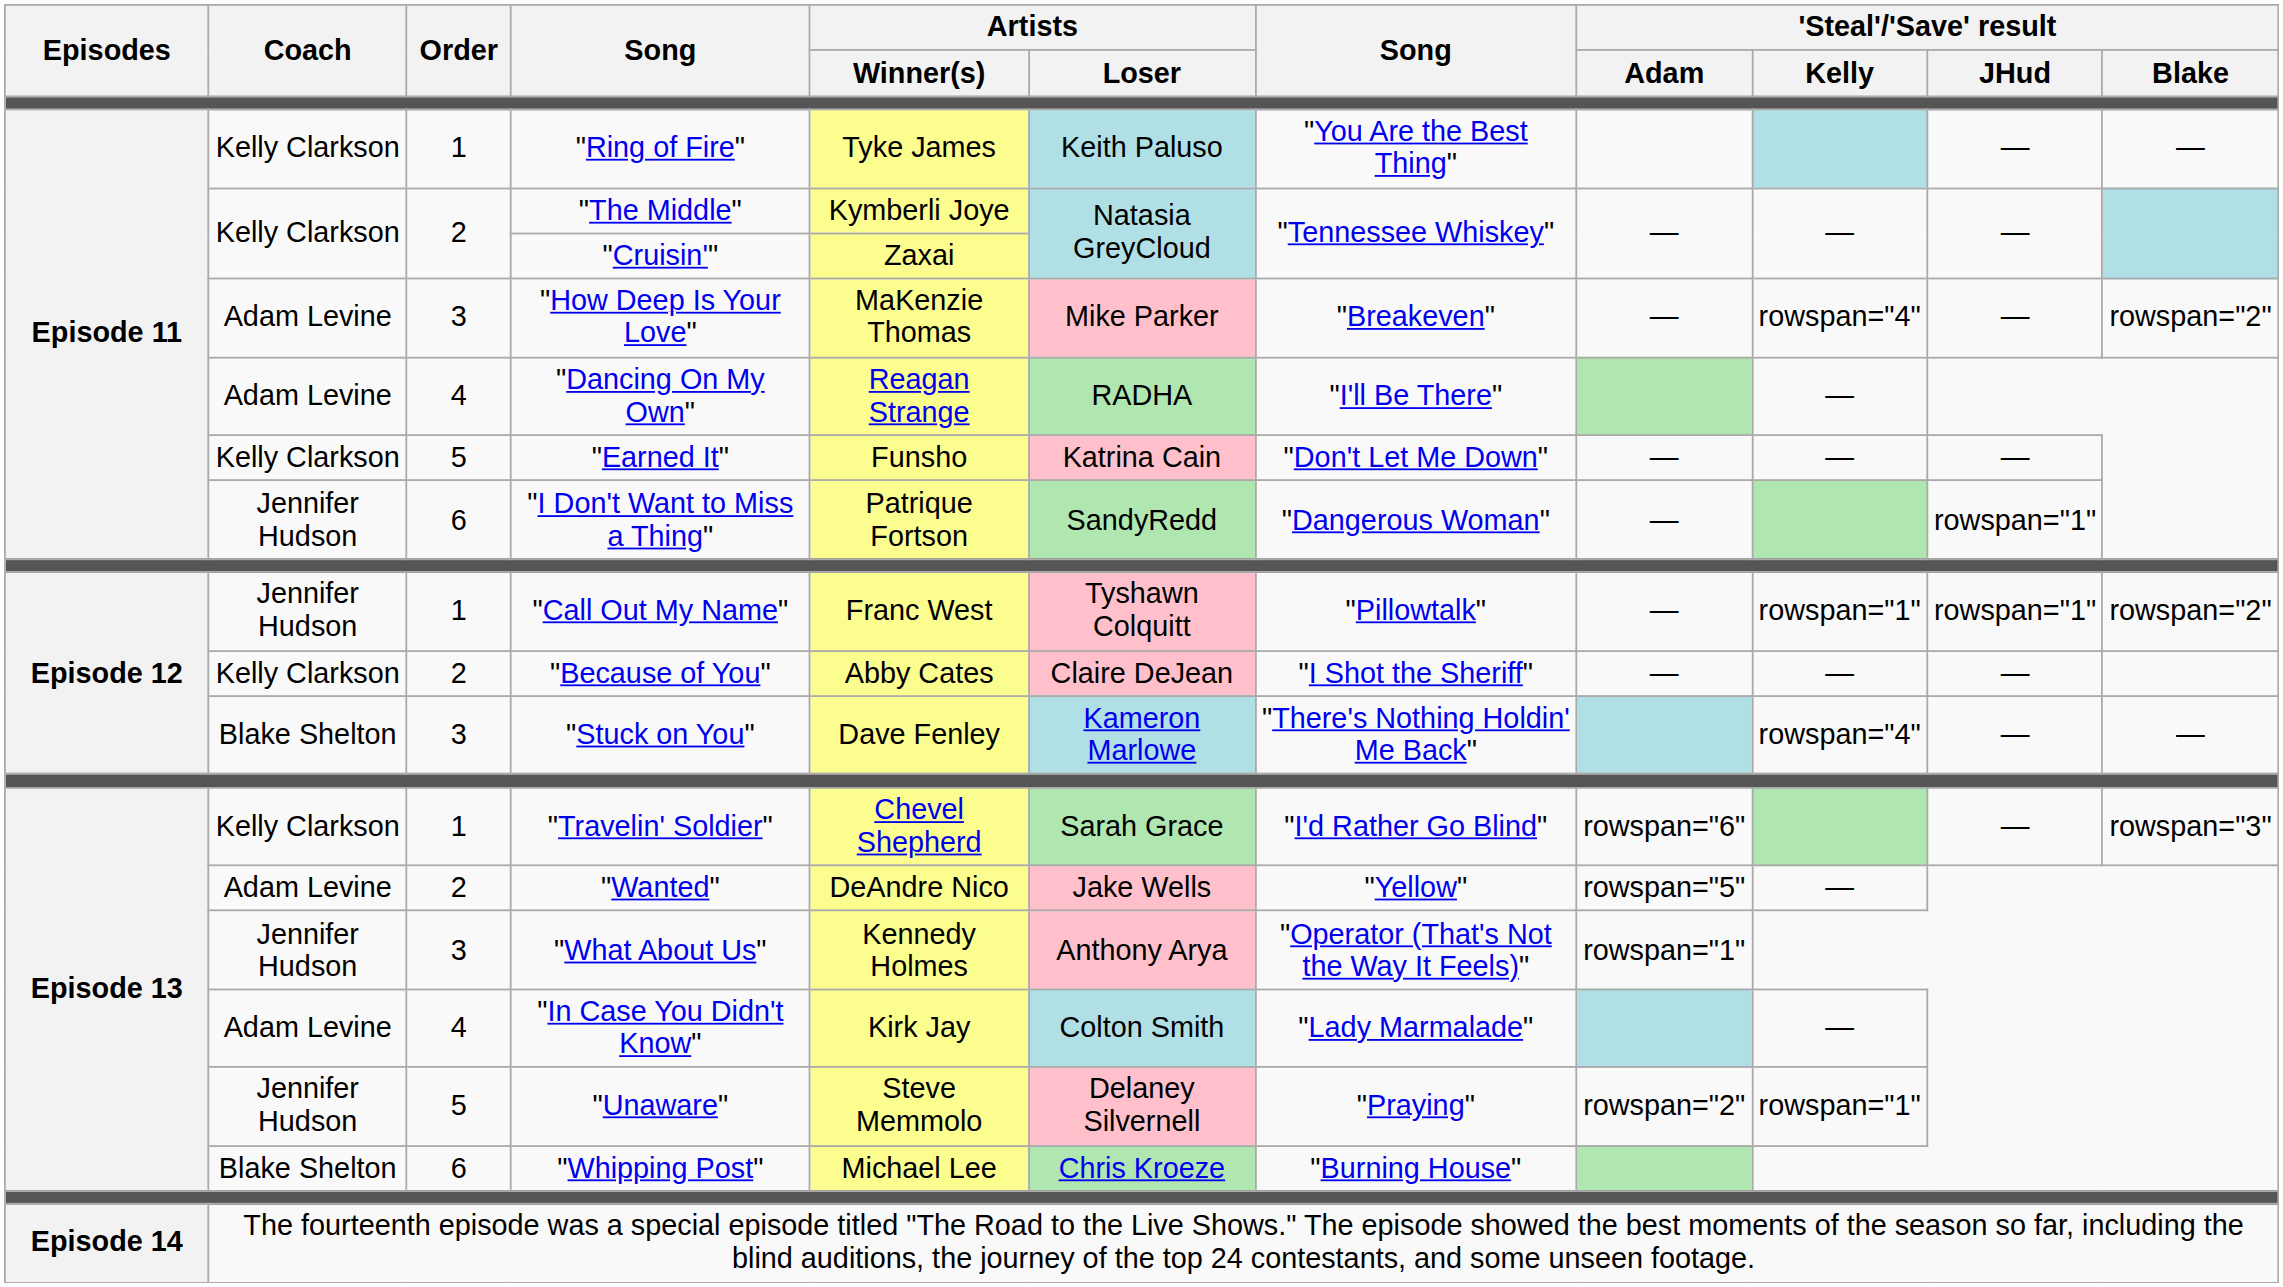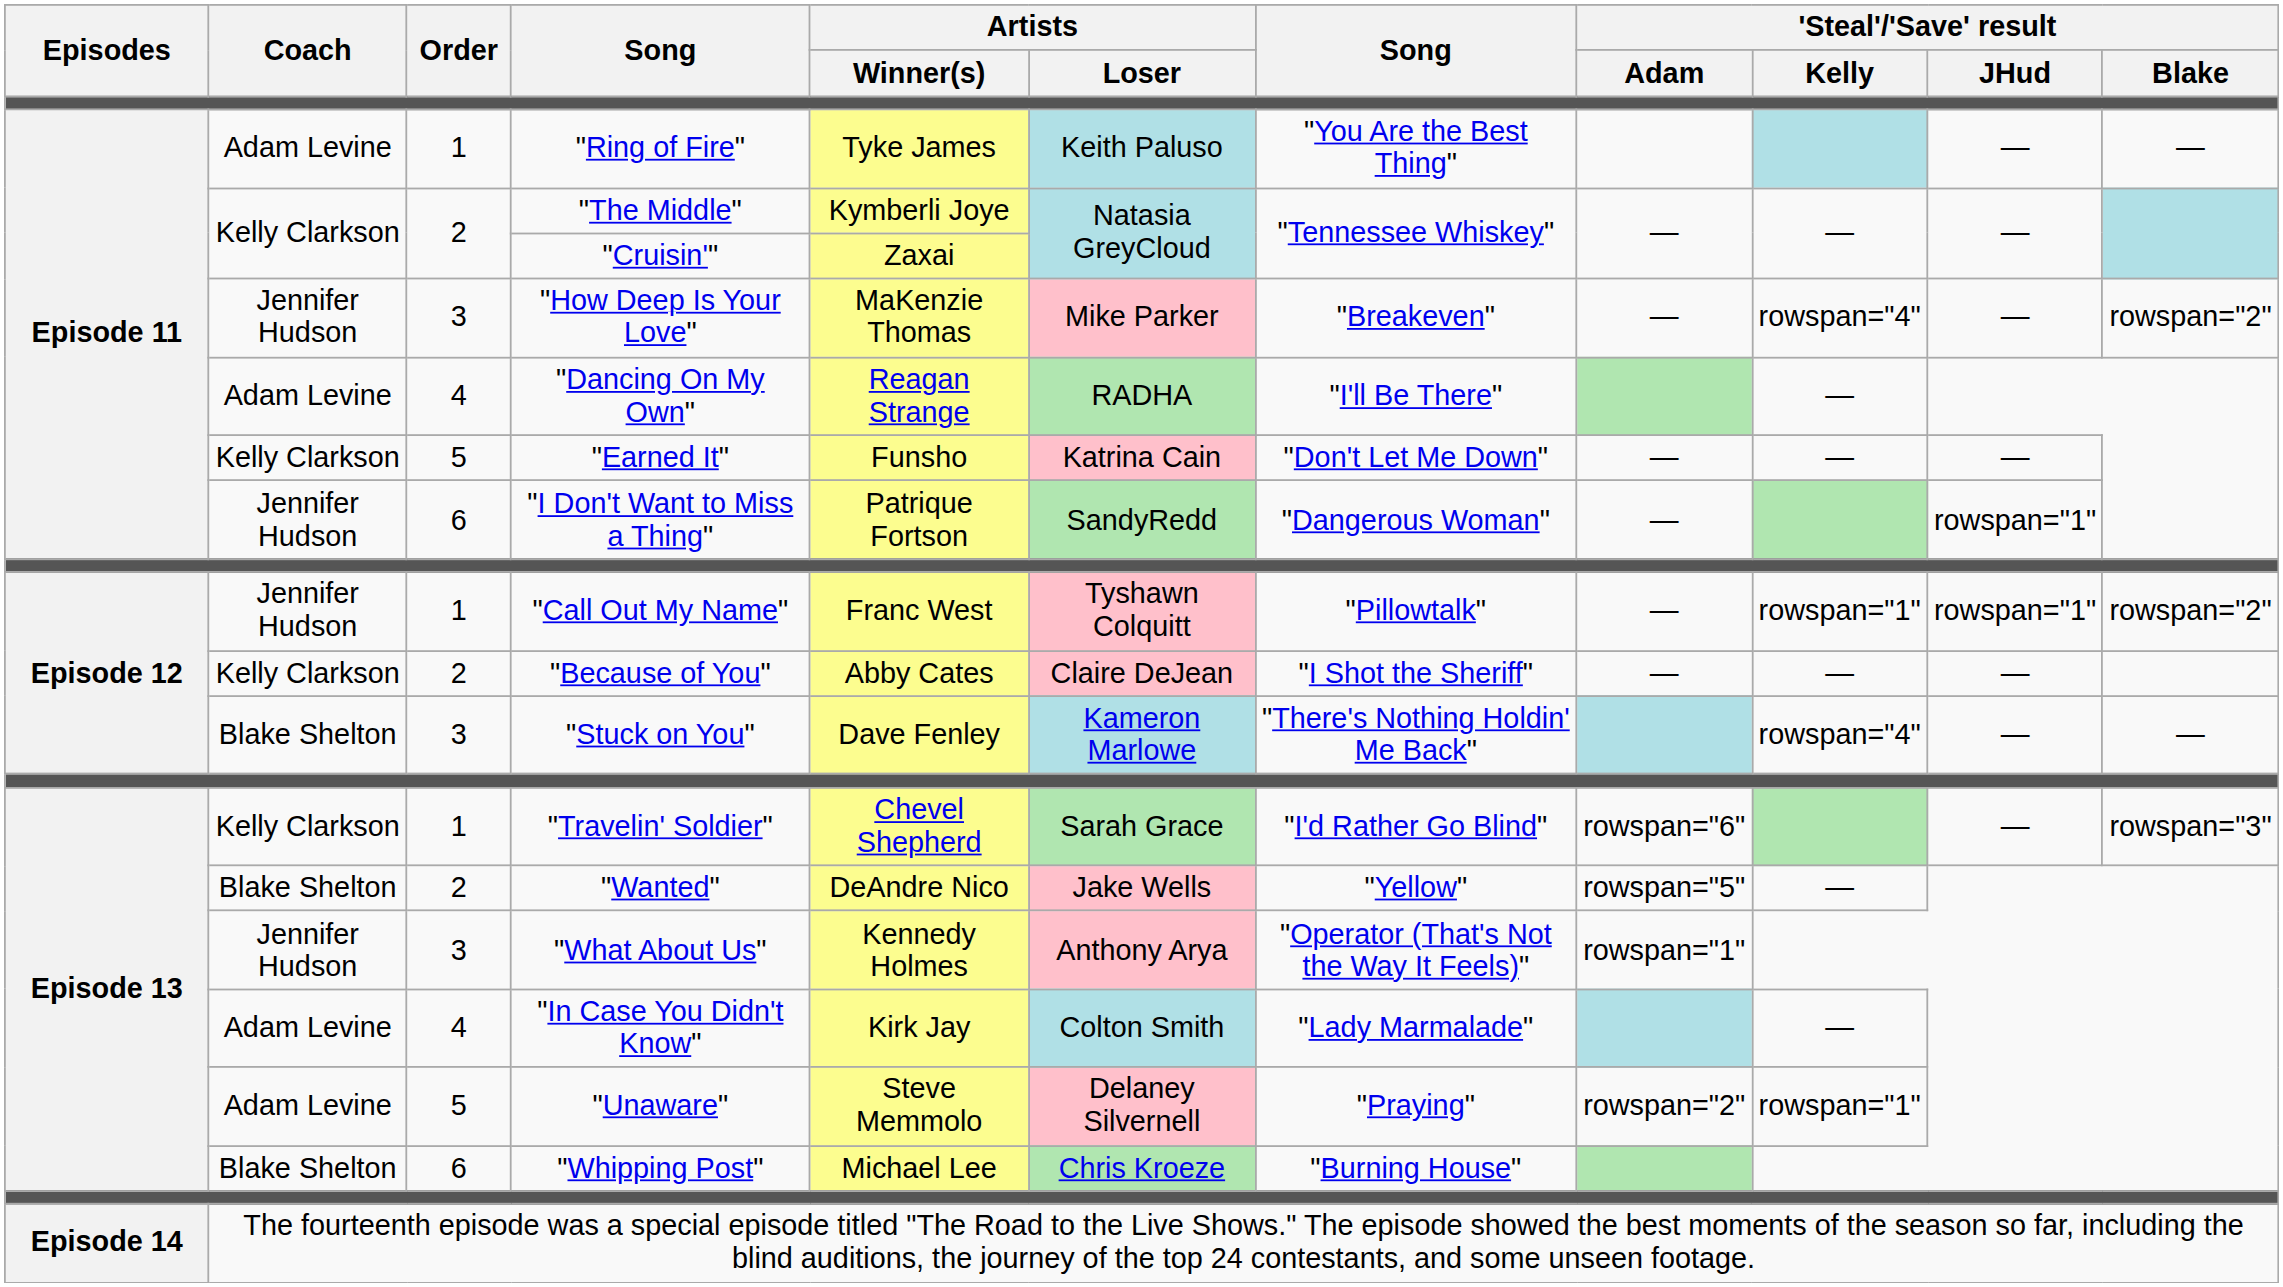 <table class="wikitable" style="text-align: center; width:100%;">
 <tr>
 <th rowspan="2" style="width:11%;">Episodes</th>
 <th rowspan="2" style="width:11%;">Coach</th>
 <th rowspan="2" style="width:05%;">Order</th>
 <th rowspan="2" style="width:18%;">Song</th>
 <th colspan="2" style="width:22%;">Artists</th>
 <th rowspan="2" style="width:19%;">Song</th>
 <th colspan="4" style="width:12%;">'Steal'/'Save' result</th>
 </tr>
 <tr>
 <th style="width:12%;">Winner(s)</th>
 <th style="width:12%;">Loser</th>
 <th style="width:03%;">Adam</th>
 <th style="width:03%;">Kelly</th>
 <th style="width:03%;">JHud</th>
 <th style="width:03%;">Blake</th>
 </tr>
 <tr>
 <td colspan="11" style="background:#555;"></td>
 </tr>
 <tr>
 <th rowspan="7">Episode 11 <br><small></small></th>
-<td>Kelly Clarkson</td>
+<td>Adam Levine</td>
 <td>1</td>
 <td>"<a href='#'>Ring of Fire</a>"</td>
 <td style="background:#FCFD8F;">Tyke James</td>
 <td style="background:#b0e0e6;">Keith Paluso</td>
 <td>"<a href='#'>You Are the Best Thing</a>"</td>
 <td><strong></strong></td>
 <td bgcolor=#b0e0e6><strong></strong></td>
 <td>—</td>
 <td>—</td>
 </tr>
 <tr>
 <td rowspan="2">Kelly Clarkson</td>
 <td rowspan="2">2</td>
 <td>"<a href='#'>The Middle</a>"</td>
 <td style="background:#FCFD8F;">Kymberli Joye</td>
 <td rowspan="2" style="background:#b0e0e6;">Natasia GreyCloud</td>
 <td rowspan="2">"<a href='#'>Tennessee Whiskey</a>"</td>
 <td rowspan="2">—</td>
 <td rowspan="2">—</td>
 <td rowspan="2">—</td>
 <td rowspan="2" bgcolor=#b0e0e6><strong></strong></td>
 </tr>
 <tr>
 <td>"<a href='#'>Cruisin'</a>"</td>
 <td style="background:#fdfc8f;">Zaxai</td>
 </tr>
 <tr>
-<td>Adam Levine</td>
+<td>Jennifer Hudson</td>
 <td>3</td>
 <td>"<a href='#'>How Deep Is Your Love</a>"</td>
 <td style="background:#FCFD8F;">MaKenzie Thomas</td>
 <td style="background:pink;">Mike Parker</td>
 <td>"<a href='#'>Breakeven</a>"</td>
 <td>—</td>
 <td>rowspan="4" </td>
 <td>—</td>
 <td>rowspan="2" </td>
 </tr>
 <tr>
 <td>Adam Levine</td>
 <td>4</td>
 <td>"<a href='#'>Dancing On My Own</a>"</td>
 <td style="background:#FCFD8F;"><a href='#'>Reagan Strange</a></td>
 <td style="background:#b0e6b0;">RADHA</td>
 <td>"<a href='#'>I'll Be There</a>"</td>
 <td style="background:#b0e6b0;"><strong></strong></td>
 <td>—</td>
 </tr>
 <tr>
 <td>Kelly Clarkson</td>
 <td>5</td>
 <td>"<a href='#'>Earned It</a>"</td>
 <td style="background:#FCFD8F;">Funsho</td>
 <td style="background:pink;">Katrina Cain</td>
 <td>"<a href='#'>Don't Let Me Down</a>"</td>
 <td>—</td>
 <td>—</td>
 <td>—</td>
 </tr>
 <tr>
 <td>Jennifer Hudson</td>
 <td>6</td>
 <td>"<a href='#'>I Don't Want to Miss a Thing</a>"</td>
 <td style="background:#FCFD8F;">Patrique Fortson</td>
 <td style="background:#b0e6b0;">SandyRedd</td>
 <td>"<a href='#'>Dangerous Woman</a>"</td>
 <td>—</td>
 <td style="background:#b0e6b0;"><strong></strong></td>
 <td>rowspan="1" </td>
 </tr>
 <tr>
 <td colspan="11" style="background:#555;"></td>
 </tr>
 <tr>
 <th rowspan="3">Episode 12 <br><small></small></th>
 <td>Jennifer Hudson</td>
 <td>1</td>
 <td>"<a href='#'>Call Out My Name</a>"</td>
 <td style="background:#FCFD8F;">Franc West</td>
 <td style="background:pink;">Tyshawn Colquitt</td>
 <td>"<a href='#'>Pillowtalk</a>"</td>
 <td>—</td>
 <td>rowspan="1" </td>
 <td>rowspan="1" </td>
 <td>rowspan="2" </td>
 </tr>
 <tr>
 <td>Kelly Clarkson</td>
 <td>2</td>
 <td>"<a href='#'>Because of You</a>"</td>
 <td style="background:#FCFD8F;">Abby Cates</td>
 <td style="background:pink;">Claire DeJean</td>
 <td>"<a href='#'>I Shot the Sheriff</a>"</td>
 <td>—</td>
 <td>—</td>
 <td>—</td>
 </tr>
 <tr>
 <td>Blake Shelton</td>
 <td>3</td>
 <td>"<a href='#'>Stuck on You</a>"</td>
 <td style="background:#FCFD8F;">Dave Fenley</td>
 <td style="background:#b0e0e6;"><a href='#'>Kameron Marlowe</a></td>
 <td>"<a href='#'>There's Nothing Holdin' Me Back</a>"</td>
 <td bgcolor=#b0e0e6><strong></strong></td>
 <td>rowspan="4" </td>
 <td>—</td>
 <td>—</td>
 </tr>
 <tr>
 <td colspan="11" style="background:#555;"></td>
 </tr>
 <tr>
 <th rowspan="6">Episode 13 <br><small></small></th>
 <td>Kelly Clarkson</td>
 <td>1</td>
 <td>"<a href='#'>Travelin' Soldier</a>"</td>
 <td style="background:#FCFD8F;"><a href='#'>Chevel Shepherd</a></td>
 <td style="background:#b0e6b0;">Sarah Grace</td>
 <td>"<a href='#'>I'd Rather Go Blind</a>"</td>
 <td>rowspan="6" </td>
 <td style="background:#b0e6b0;"><strong></strong></td>
 <td>—</td>
 <td>rowspan="3" </td>
 </tr>
 <tr>
-<td>Adam Levine</td>
+<td>Blake Shelton</td>
 <td>2</td>
 <td>"<a href='#'>Wanted</a>"</td>
 <td style="background:#FCFD8F;">DeAndre Nico</td>
 <td style="background:pink;">Jake Wells</td>
 <td>"<a href='#'>Yellow</a>"</td>
 <td>rowspan="5" </td>
 <td>—</td>
 </tr>
 <tr>
 <td>Jennifer Hudson</td>
 <td>3</td>
 <td>"<a href='#'>What About Us</a>"</td>
 <td style="background:#FCFD8F;">Kennedy Holmes</td>
 <td style="background:pink;">Anthony Arya</td>
 <td>"<a href='#'>Operator (That's Not the Way It Feels)</a>"</td>
 <td>rowspan="1" </td>
 </tr>
 <tr>
 <td>Adam Levine</td>
 <td>4</td>
 <td>"<a href='#'>In Case You Didn't Know</a>"</td>
 <td style="background:#FCFD8F;">Kirk Jay</td>
 <td style="background:#b0e0e6;">Colton Smith</td>
 <td>"<a href='#'>Lady Marmalade</a>"</td>
 <td bgcolor=#b0e0e6><strong></strong></td>
 <td>—</td>
 </tr>
 <tr>
-<td>Jennifer Hudson</td>
+<td>Adam Levine</td>
 <td>5</td>
 <td>"<a href='#'>Unaware</a>"</td>
 <td style="background:#FCFD8F;">Steve Memmolo</td>
 <td style="background:pink;">Delaney Silvernell</td>
 <td>"<a href='#'>Praying</a>"</td>
 <td>rowspan="2" </td>
 <td>rowspan="1" </td>
 </tr>
 <tr>
 <td>Blake Shelton</td>
 <td>6</td>
 <td>"<a href='#'>Whipping Post</a>"</td>
 <td style="background:#FCFD8F;">Michael Lee</td>
 <td style="background:#b0e6b0;"><a href='#'>Chris Kroeze</a></td>
 <td>"<a href='#'>Burning House</a>"</td>
 <td style="background:#b0e6b0;"><strong></strong></td>
 </tr>
 <tr>
 <td colspan="11" style="background:#555;"></td>
 </tr>
 <tr>
 <th>Episode 14 <br><small></small></th>
 <td colspan="10">The fourteenth episode was a special episode titled "The Road to the Live Shows." The episode showed the best moments of the season so far, including the blind auditions, the journey of the top 24 contestants, and some unseen footage.</td>
 </tr>
 </table>
